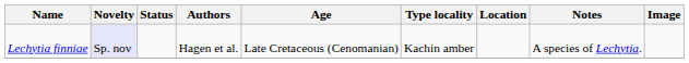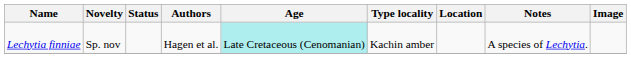 <table class="wikitable sortable" align="center">
 <tr>
 <th>Name</th>
 <th>Novelty</th>
 <th>Status</th>
 <th>Authors</th>
 <th>Age</th>
 <th>Type locality</th>
 <th>Location</th>
 <th class=unsortable>Notes</th>
 <th class=unsortable>Image</th>
 </tr>
 <tr>
 <td><br><em><a href='#'>Lechytia finniae</a></em></td>
-<td style="background: lavender;"><br>Sp. nov</td>
+<td><br>Sp. nov</td>
 <td></td>
 <td><br>Hagen et al.</td>
-<td><br>Late Cretaceous (Cenomanian)</td>
+<td style="background: paleturquoise;"><br>Late Cretaceous (Cenomanian)</td>
 <td><br>Kachin amber</td>
 <td><br></td>
 <td><br>A species of <em><a href='#'>Lechytia</a></em>.</td>
 <td></td>
 </tr>
 <tr>
 </tr>
 </table>
